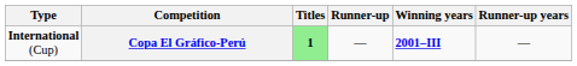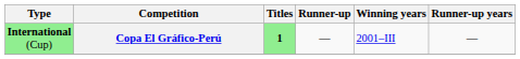 <table class="wikitable plainrowheaders" style="font-size:95%; text-align:center;">
 <tr>
 <th>Type</th>
 <th width=250px>Competition</th>
 <th>Titles</th>
 <th>Runner-up</th>
 <th>Winning years</th>
 <th>Runner-up years</th>
 </tr>
 <tr>
-<td rowspan=1><strong>International</strong><br>(Cup)</td>
+<td rowspan=1 style="background: lightgreen;"><strong>International</strong><br>(Cup)</td>
 <th scope=col><a href='#'>Copa El Gráfico-Perú</a></th>
 <td style="background: lightgreen;"><strong>1</strong></td>
 <td style="text-align:center;">—</td>
-<td align="left"><strong><a href='#'>2001–III</a></strong></td>
+<td align="left"><a href='#'>2001–III</a></td>
 <td style="text-align:center;">—</td>
 </tr>
 <tr>
 </tr>
 </table>
